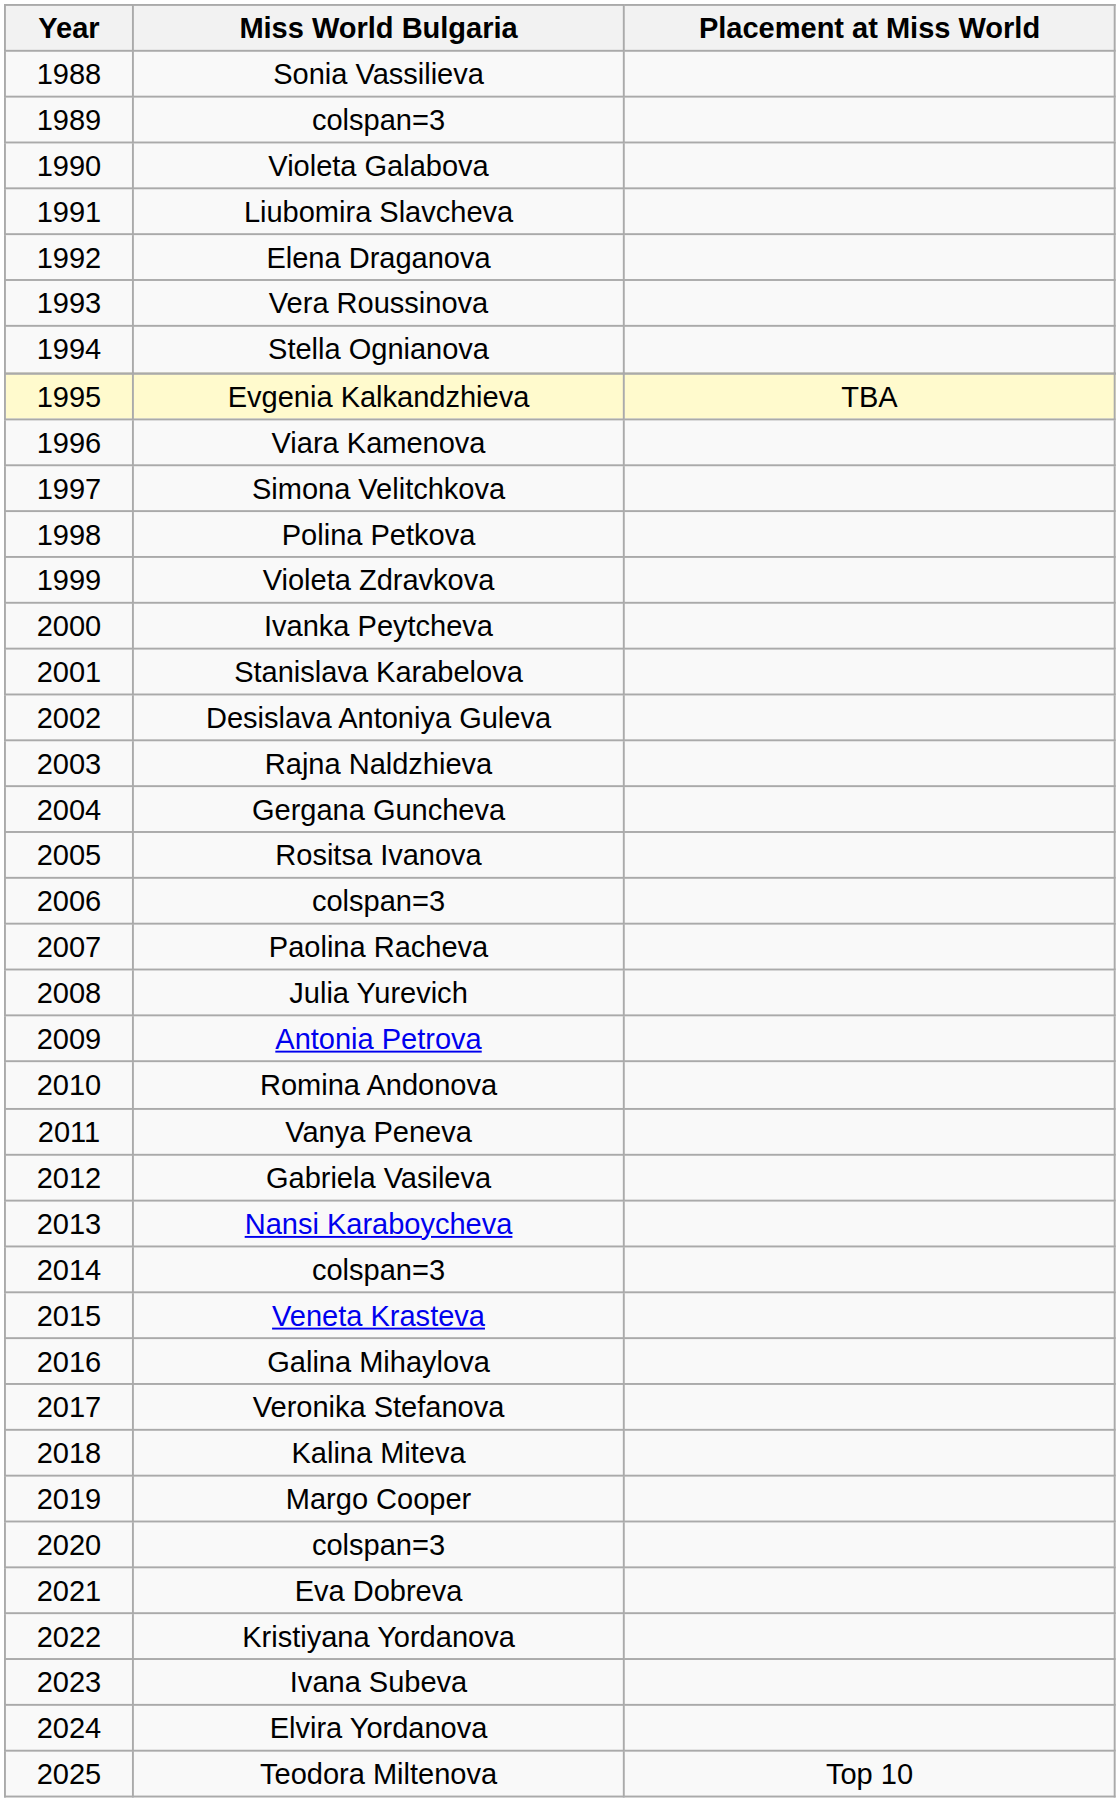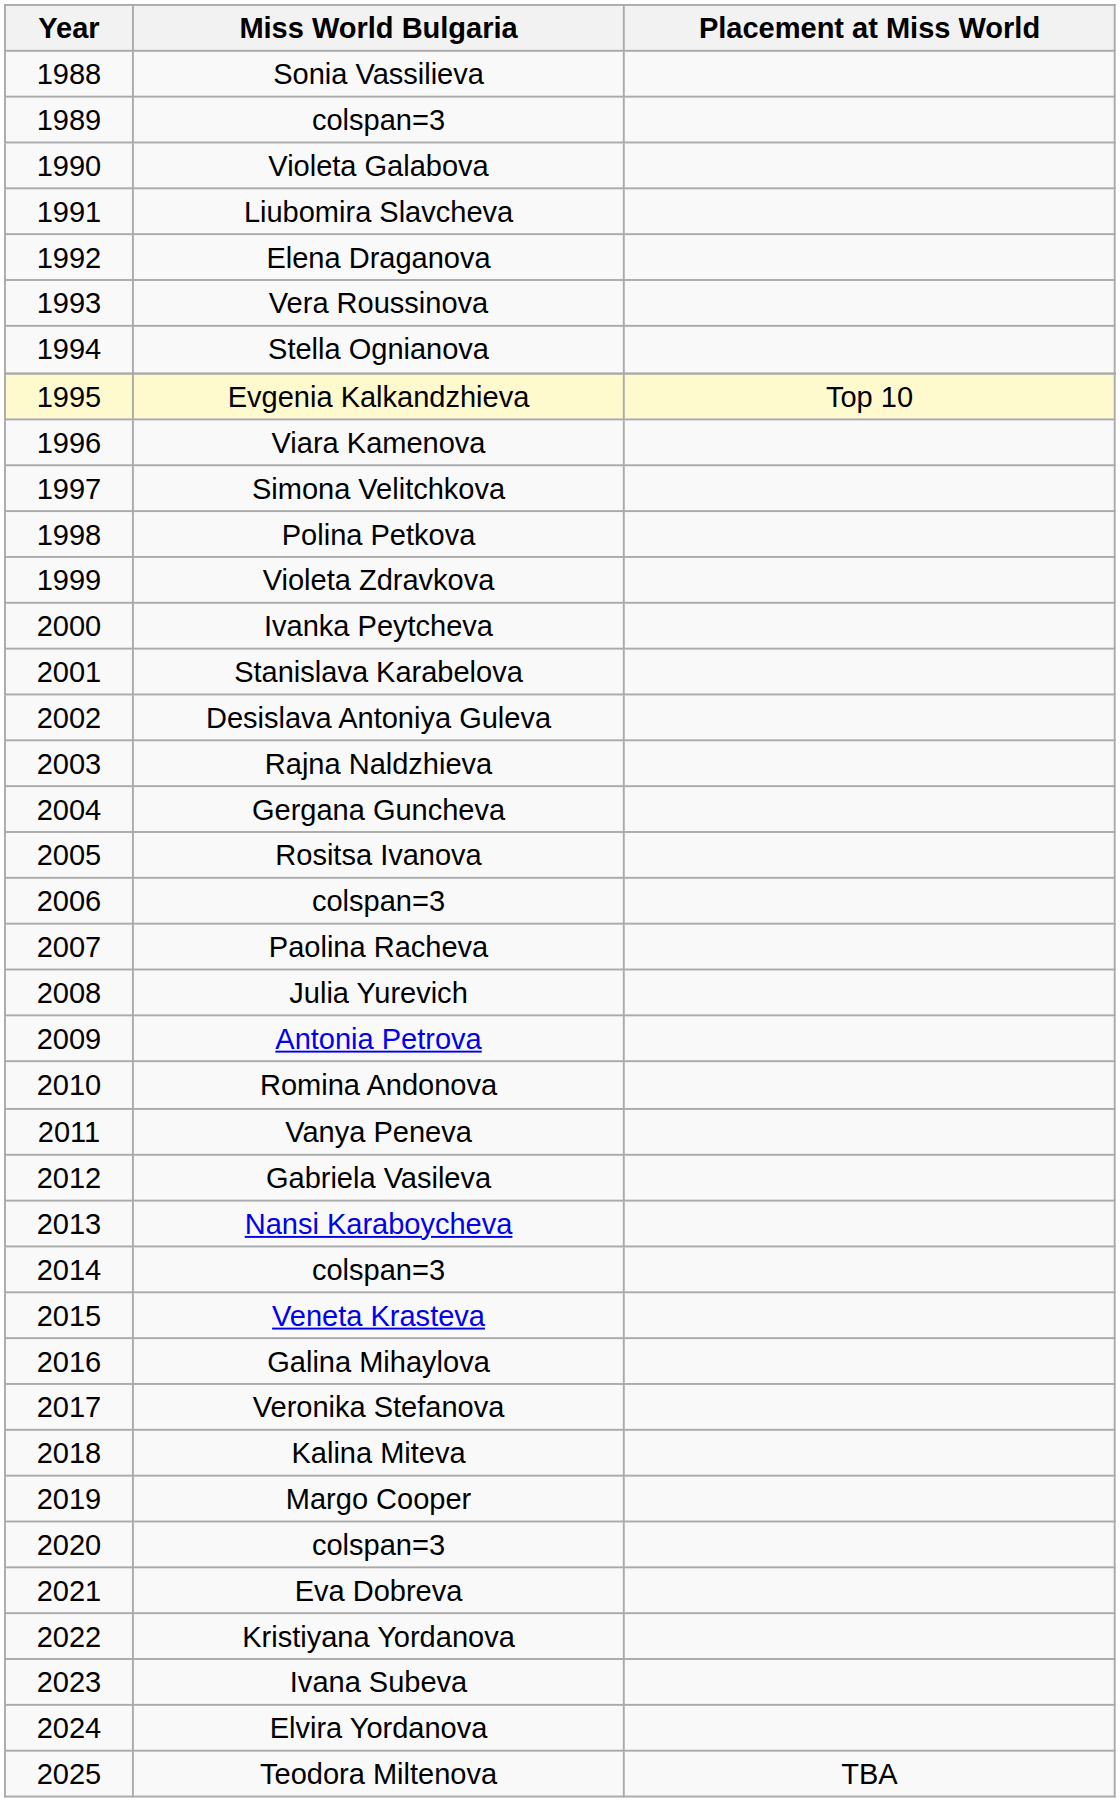 <table class="wikitable sortable" style="font-size: 95%; text-align:center">
 <tr>
 <th width="60">Year</th>
 <th width="250">Miss World Bulgaria</th>
 <th width="250">Placement at Miss World</th>
 </tr>
 <tr>
 <td>1988</td>
 <td>Sonia Vassilieva</td>
 <td></td>
 </tr>
 <tr>
 <td>1989</td>
 <td>colspan=3 </td>
 </tr>
 <tr>
 <td>1990</td>
 <td>Violeta Galabova</td>
 <td></td>
 </tr>
 <tr>
 <td>1991</td>
 <td>Liubomira Slavcheva</td>
 <td></td>
 </tr>
 <tr>
 <td>1992</td>
 <td>Elena Draganova</td>
 <td></td>
 </tr>
 <tr>
 <td>1993</td>
 <td>Vera Roussinova</td>
 <td></td>
 </tr>
 <tr>
 <td>1994</td>
 <td>Stella Ognianova</td>
 <td></td>
 </tr>
 <tr>
 </tr>
 <tr style="background-color:#FFFACD;">
 <td>1995</td>
 <td>Evgenia Kalkandzhieva</td>
-<td>TBA</td>
+<td>Top 10</td>
 </tr>
 <tr>
 <td>1996</td>
 <td>Viara Kamenova</td>
 <td></td>
 </tr>
 <tr>
 <td>1997</td>
 <td>Simona Velitchkova</td>
 <td></td>
 </tr>
 <tr>
 <td>1998</td>
 <td>Polina Petkova</td>
 <td></td>
 </tr>
 <tr>
 <td>1999</td>
 <td>Violeta Zdravkova</td>
 <td></td>
 </tr>
 <tr>
 <td>2000</td>
 <td>Ivanka Peytcheva</td>
 <td></td>
 </tr>
 <tr>
 <td>2001</td>
 <td>Stanislava Karabelova</td>
 <td></td>
 </tr>
 <tr>
 <td>2002</td>
 <td>Desislava Antoniya Guleva</td>
 <td></td>
 </tr>
 <tr>
 <td>2003</td>
 <td>Rajna Naldzhieva</td>
 <td></td>
 </tr>
 <tr>
 <td>2004</td>
 <td>Gergana Guncheva</td>
 <td></td>
 </tr>
 <tr>
 <td>2005</td>
 <td>Rositsa Ivanova</td>
 <td></td>
 </tr>
 <tr>
 <td>2006</td>
 <td>colspan=3 </td>
 </tr>
 <tr>
 <td>2007</td>
 <td>Paolina Racheva</td>
 <td></td>
 </tr>
 <tr>
 <td>2008</td>
 <td>Julia Yurevich</td>
 <td></td>
 </tr>
 <tr>
 <td>2009</td>
 <td><a href='#'>Antonia Petrova</a></td>
 <td></td>
 </tr>
 <tr>
 <td>2010</td>
 <td>Romina Andonova</td>
 <td></td>
 </tr>
 <tr>
 <td>2011</td>
 <td>Vanya Peneva</td>
 <td></td>
 </tr>
 <tr>
 <td>2012</td>
 <td>Gabriela Vasileva</td>
 <td></td>
 </tr>
 <tr>
 <td>2013</td>
 <td><a href='#'>Nansi Karaboycheva</a></td>
 <td></td>
 </tr>
 <tr>
 <td>2014</td>
 <td>colspan=3 </td>
 </tr>
 <tr>
 <td>2015</td>
 <td><a href='#'>Veneta Krasteva</a></td>
 <td></td>
 </tr>
 <tr>
 <td>2016</td>
 <td>Galina Mihaylova</td>
 <td></td>
 </tr>
 <tr>
 <td>2017</td>
 <td>Veronika Stefanova</td>
 <td></td>
 </tr>
 <tr>
 <td>2018</td>
 <td>Kalina Miteva</td>
 <td></td>
 </tr>
 <tr>
 <td>2019</td>
 <td>Margo Cooper</td>
 <td></td>
 </tr>
 <tr>
 <td>2020</td>
 <td>colspan=3 </td>
 </tr>
 <tr>
 <td>2021</td>
 <td>Eva Dobreva</td>
 <td></td>
 </tr>
 <tr>
 <td>2022</td>
 <td>Kristiyana Yordanova</td>
 <td></td>
 </tr>
 <tr>
 <td>2023</td>
 <td>Ivana Subeva</td>
 <td></td>
 </tr>
 <tr>
 <td>2024</td>
 <td>Elvira Yordanova</td>
 <td></td>
 </tr>
 <tr>
 <td>2025</td>
 <td>Teodora Miltenova</td>
-<td>Top 10</td>
+<td>TBA</td>
 </tr>
 </table>
